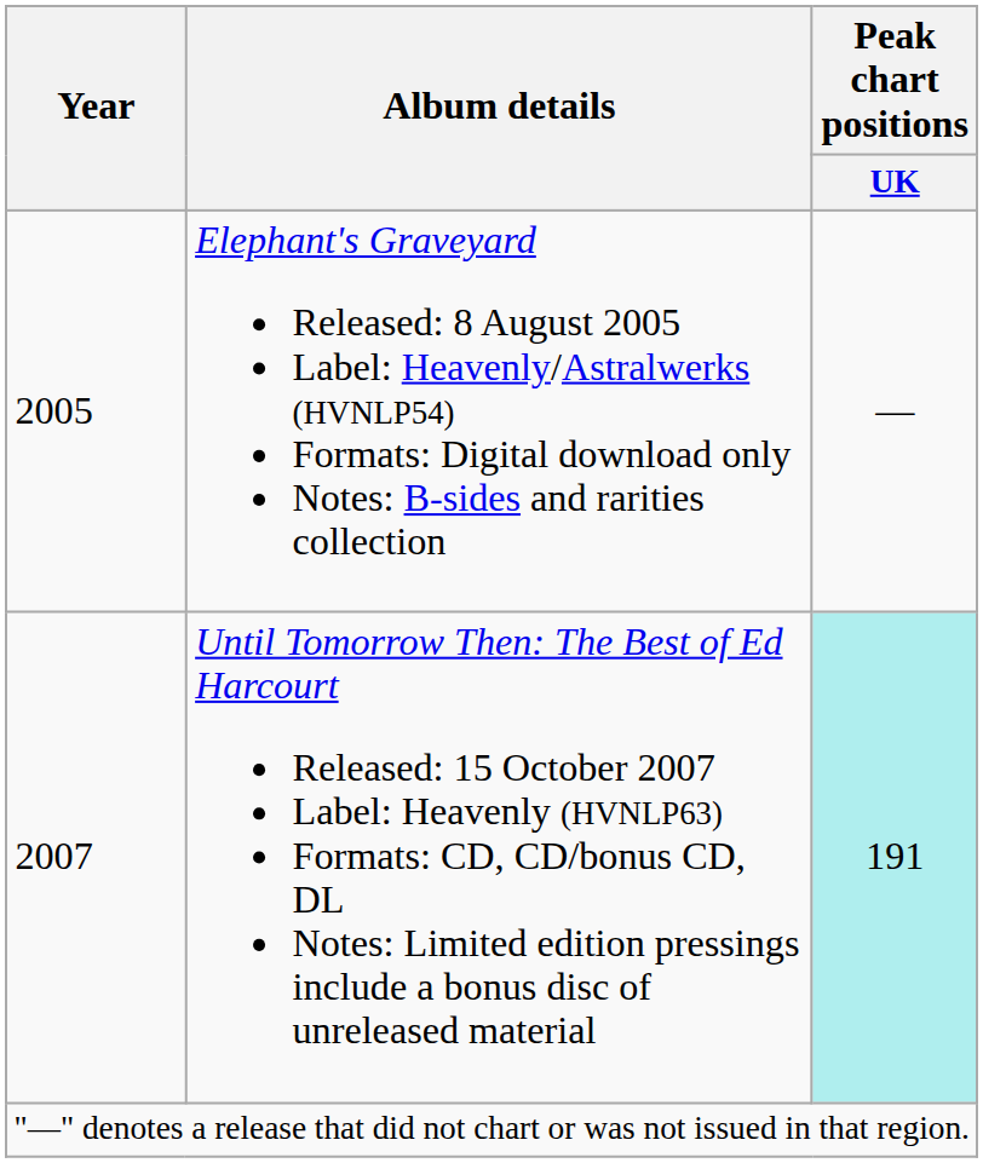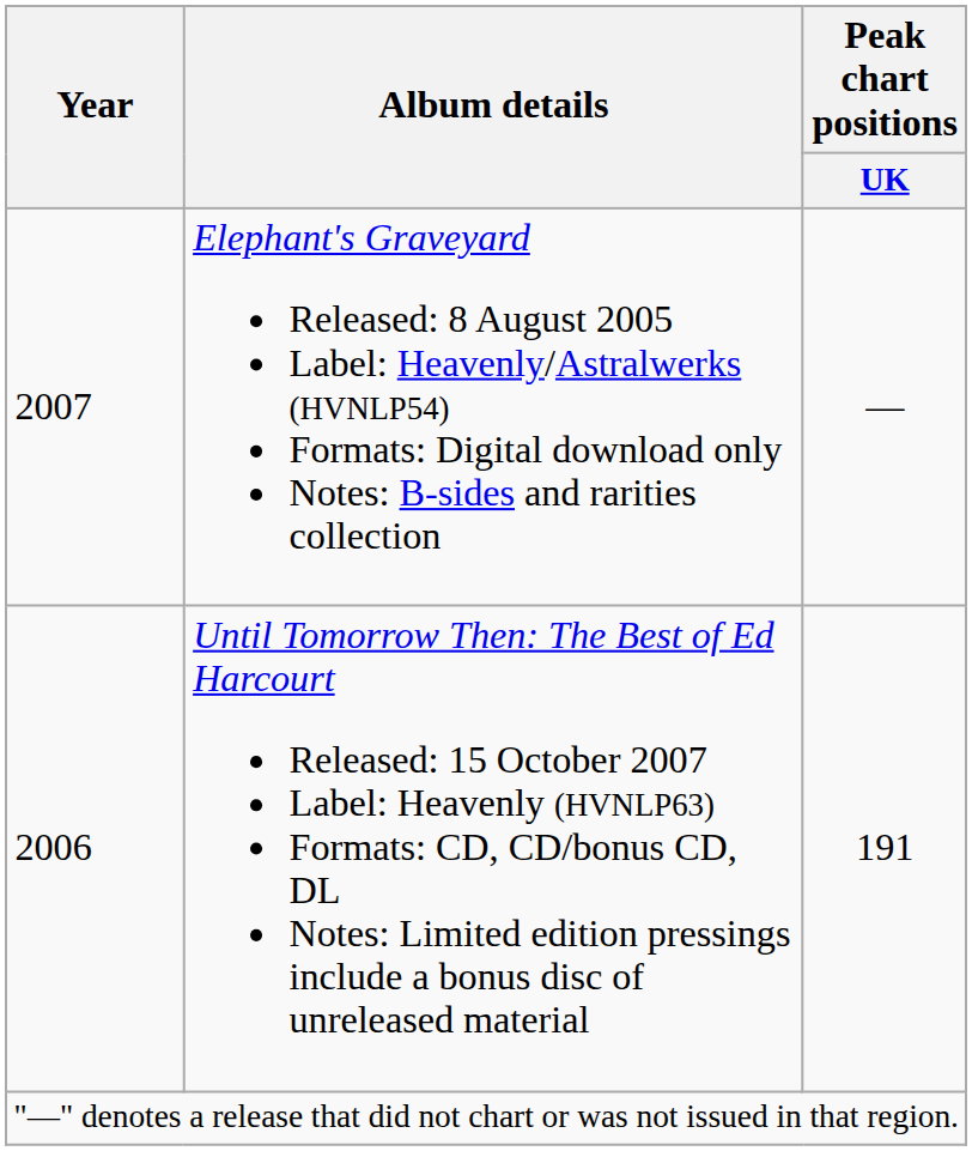 <table class="wikitable" border="1">
 <tr>
 <th rowspan="2">Year</th>
 <th rowspan="2" width="250">Album details</th>
 <th colspan="1">Peak chart positions</th>
 </tr>
 <tr>
 <th style="width:3em;font-size:85%"><a href='#'>UK</a><br></th>
 </tr>
 <tr>
-<td>2005</td>
+<td>2007</td>
 <td><em><a href='#'>Elephant's Graveyard</a></em><br><ul><li>Released: 8 August 2005</li><li>Label: <a href='#'>Heavenly</a>/<a href='#'>Astralwerks</a> <small>(HVNLP54)</small></li><li>Formats: Digital download only</li><li>Notes: <a href='#'>B-sides</a> and rarities collection</li></ul></td>
 <td align="center">—</td>
 </tr>
 <tr>
-<td>2007</td>
+<td>2006</td>
 <td><em><a href='#'>Until Tomorrow Then: The Best of Ed Harcourt</a></em><br><ul><li>Released: 15 October 2007</li><li>Label: Heavenly <small>(HVNLP63)</small></li><li>Formats: CD, CD/bonus CD, DL</li><li>Notes: Limited edition pressings include a bonus disc of unreleased material</li></ul></td>
-<td align="center" style="background: paleturquoise;">191</td>
+<td align="center">191</td>
 </tr>
 <tr>
 <td align="center" colspan="7" style="font-size: 85%">"—" denotes a release that did not chart or was not issued in that region.</td>
 </tr>
 </table>
